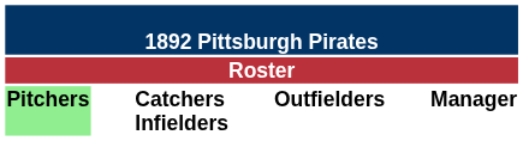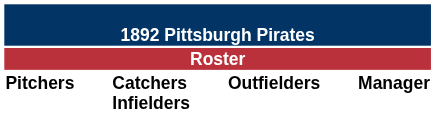 <table class="toccolours" style="font-size: 95%;">
 <tr>
 <th colspan="10" style="background-color: #023465; color: #FFFFFF; text-align: center;"><br>1892 Pittsburgh Pirates</th>
 </tr>
 <tr>
 <td colspan="10" style="background-color: #ba313c; color: white; text-align: center;"><strong>Roster</strong></td>
 </tr>
 <tr>
-<td valign="top" style="background: lightgreen;"><strong>Pitchers</strong><br>        </td>
+<td valign="top"><strong>Pitchers</strong><br>        </td>
 <td width="25px"></td>
 <td valign="top"><strong>Catchers</strong><br>  <strong>Infielders</strong>        </td>
 <td width="25px"></td>
 <td valign="top"><strong>Outfielders</strong><br>       </td>
 <td width="25px"></td>
 <td valign="top"><strong>Manager</strong><br> </td>
 </tr>
 </table>
